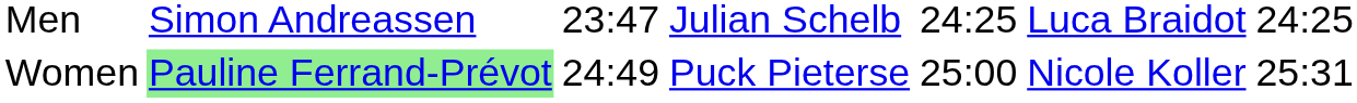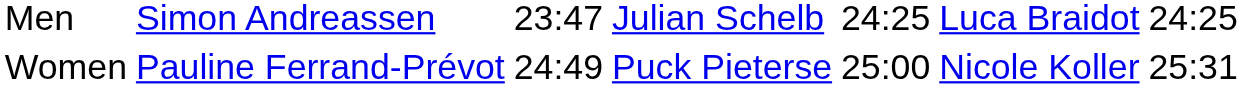 <table>
 <tr>
 <td align="left">Men</td>
 <td> <a href='#'>Simon Andreassen</a></td>
 <td>23:47</td>
 <td> <a href='#'>Julian Schelb</a></td>
 <td>24:25</td>
 <td> <a href='#'>Luca Braidot</a></td>
 <td>24:25</td>
 </tr>
 <tr>
 <td align="left">Women</td>
-<td style="background: lightgreen;"> <a href='#'>Pauline Ferrand-Prévot</a></td>
+<td> <a href='#'>Pauline Ferrand-Prévot</a></td>
 <td>24:49</td>
 <td> <a href='#'>Puck Pieterse</a></td>
 <td>25:00</td>
 <td> <a href='#'>Nicole Koller</a></td>
 <td>25:31</td>
 </tr>
 </table>
